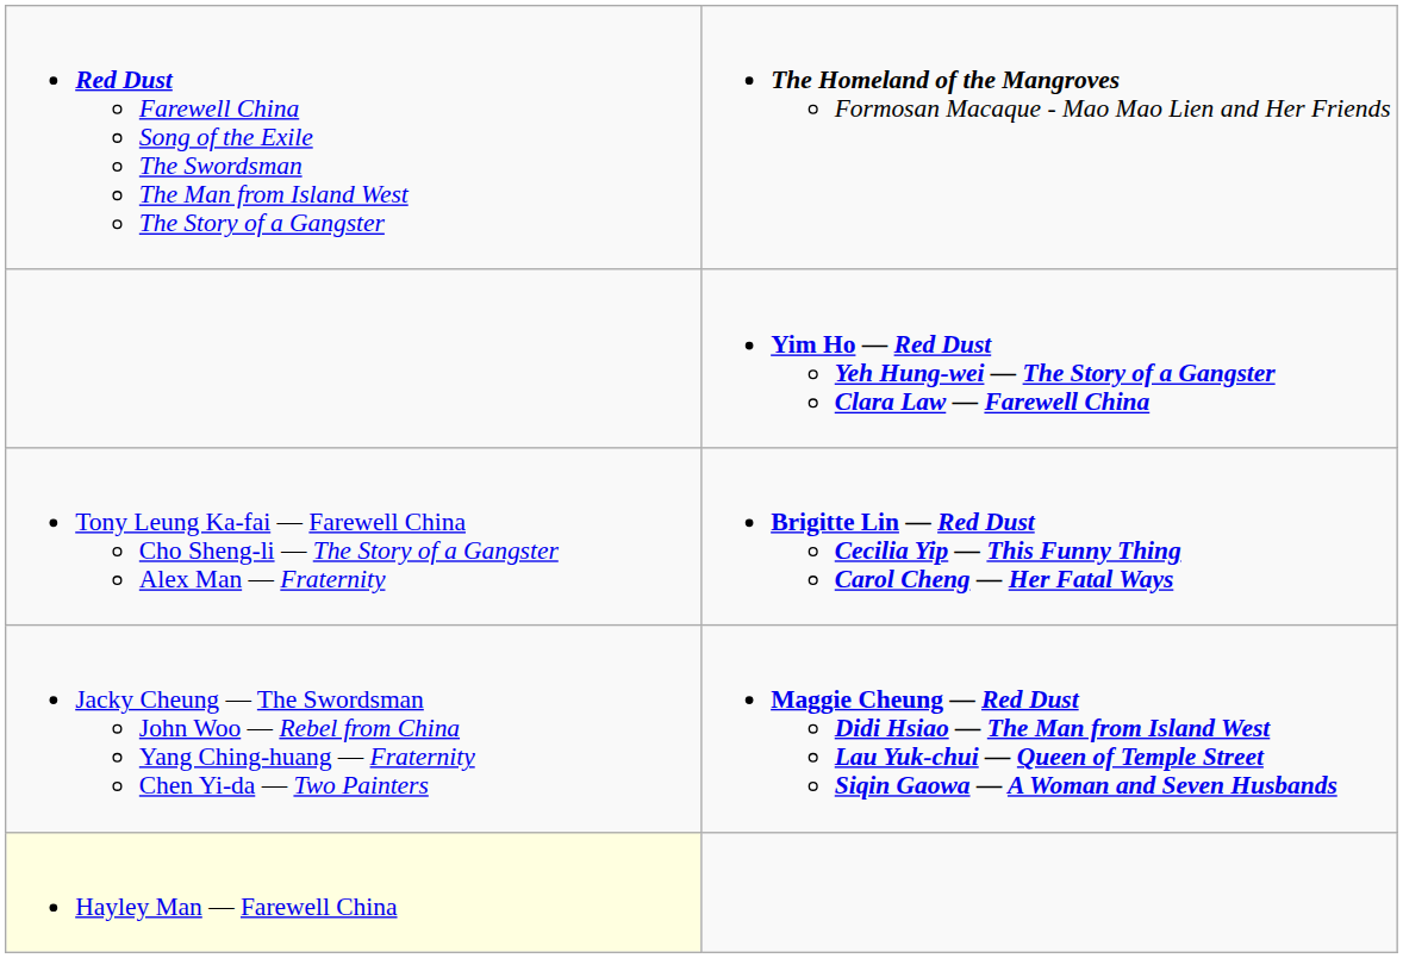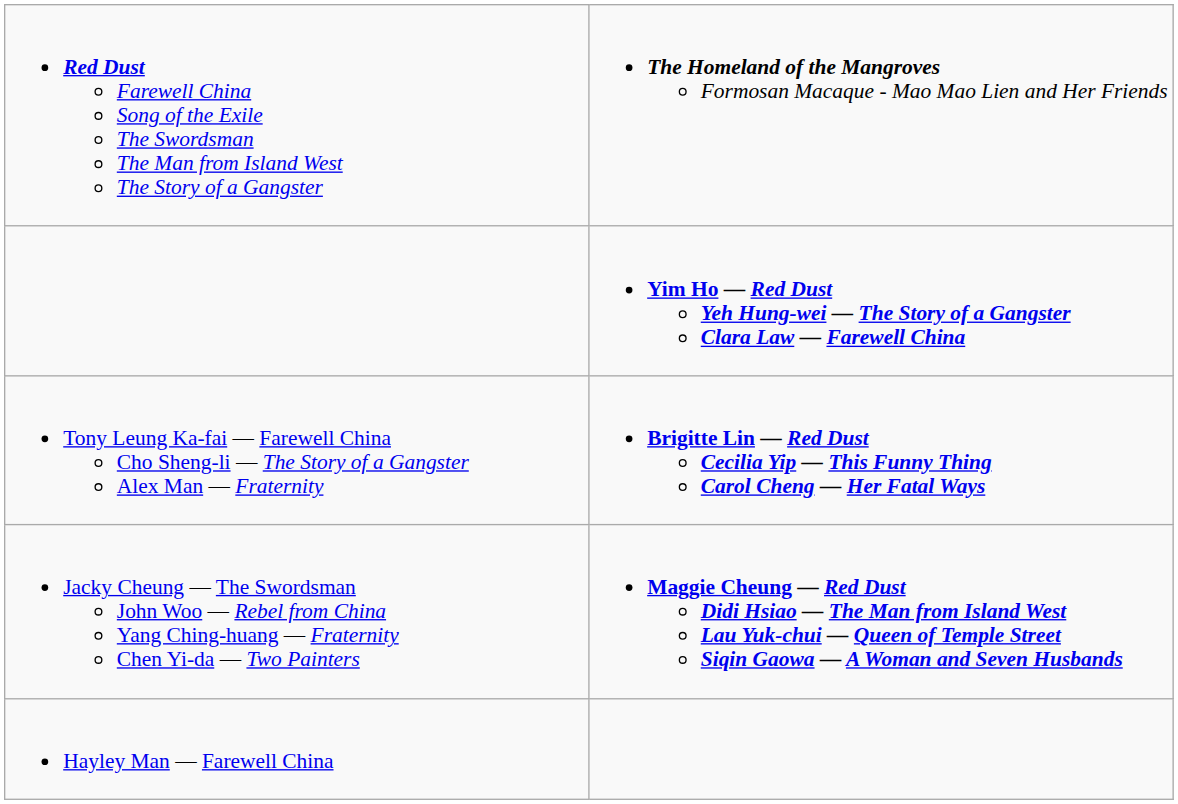 <table class=wikitable>
 <tr>
 <td valign="top" width="50%"><br><ul><li><strong><em><a href='#'>Red Dust</a></em></strong><ul><li><em><a href='#'>Farewell China</a></em></li><li><em><a href='#'>Song of the Exile</a></em></li><li><em><a href='#'>The Swordsman</a></em></li><li><em><a href='#'>The Man from Island West</a></em></li><li><em><a href='#'>The Story of a Gangster</a></em></li></ul></li></ul></td>
 <td valign="top" width="50%"><br><ul><li><strong><em>The Homeland of the Mangroves</em></strong><ul><li><em>Formosan Macaque - Mao Mao Lien and Her Friends</em></li></ul></li></ul></td>
 </tr>
 <tr>
 <td valign="top" width="50%"><br> </td>
 <td valign="top" width="50%"><br><ul><li><strong><a href='#'>Yim Ho</a> — <em><a href='#'>Red Dust</a><strong><em><ul><li><a href='#'>Yeh Hung-wei</a>  — </em><a href='#'>The Story of a Gangster</a><em></li><li><a href='#'>Clara Law</a> — </em><a href='#'>Farewell China</a><em></li></ul></li></ul></td>
 </tr>
 <tr>
 <td valign="top" width="50%"><br><ul><li></strong><a href='#'>Tony Leung Ka-fai</a> — </em><a href='#'>Farewell China</a></em></strong><ul><li><a href='#'>Cho Sheng-li</a> — <em><a href='#'>The Story of a Gangster</a></em></li><li><a href='#'>Alex Man</a> — <em><a href='#'>Fraternity</a></em></li></ul></li></ul></td>
 <td valign="top" width="50%"><br><ul><li><strong><a href='#'>Brigitte Lin</a> — <em><a href='#'>Red Dust</a><strong><em><ul><li><a href='#'>Cecilia Yip</a> — </em><a href='#'>This Funny Thing</a><em></li><li><a href='#'>Carol Cheng</a> — </em><a href='#'>Her Fatal Ways</a><em></li></ul></li></ul></td>
 </tr>
 <tr>
 <td valign="top" width="50%"><br><ul><li></strong><a href='#'>Jacky Cheung</a> — </em><a href='#'>The Swordsman</a></em></strong><ul><li><a href='#'>John Woo</a> — <em><a href='#'>Rebel from China</a></em></li><li><a href='#'>Yang Ching-huang</a> — <em><a href='#'>Fraternity</a></em></li><li><a href='#'>Chen Yi-da</a> — <em><a href='#'>Two Painters</a></em></li></ul></li></ul></td>
 <td valign="top" width="50%"><br><ul><li><strong><a href='#'>Maggie Cheung</a> — <em><a href='#'>Red Dust</a><strong><em><ul><li><a href='#'>Didi Hsiao</a> — </em><a href='#'>The Man from Island West</a><em></li><li><a href='#'>Lau Yuk-chui</a> — </em><a href='#'>Queen of Temple Street</a><em></li><li><a href='#'>Siqin Gaowa</a> — </em><a href='#'>A Woman and Seven Husbands</a><em></li></ul></li></ul></td>
 </tr>
 <tr>
-<td valign="top" width="50%" style="background: lightyellow;"><br><ul><li></strong><a href='#'>Hayley Man</a> — </em><a href='#'>Farewell China</a></em></strong></li></ul></td>
+<td valign="top" width="50%"><br><ul><li></strong><a href='#'>Hayley Man</a> — </em><a href='#'>Farewell China</a></em></strong></li></ul></td>
 </tr>
 </table>
